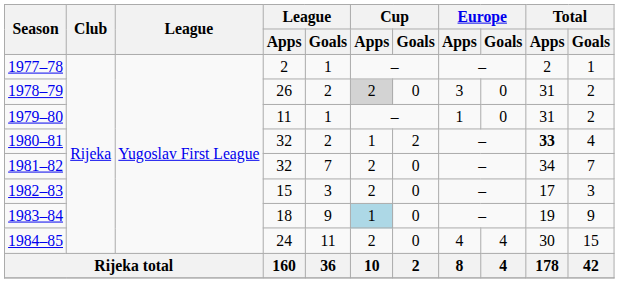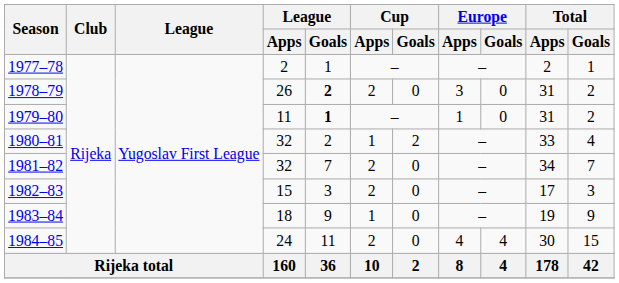 <table class="wikitable" style="font-size:100%; text-align: center">
 <tr>
 <th rowspan="2">Season</th>
 <th rowspan="2">Club</th>
 <th rowspan="2">League</th>
 <th colspan="2">League</th>
 <th colspan="2">Cup</th>
 <th colspan="2"><a href='#'>Europe</a></th>
 <th colspan="2">Total</th>
 </tr>
 <tr>
 <th>Apps</th>
 <th>Goals</th>
 <th>Apps</th>
 <th>Goals</th>
 <th>Apps</th>
 <th>Goals</th>
 <th>Apps</th>
 <th>Goals</th>
 </tr>
 <tr>
 <td><a href='#'>1977–78</a></td>
 <td rowspan="8" valign="center"><a href='#'>Rijeka</a></td>
 <td rowspan="8"><a href='#'>Yugoslav First League</a></td>
 <td>2</td>
 <td>1</td>
 <td colspan="2">–</td>
 <td colspan="2">–</td>
 <td>2</td>
 <td>1</td>
 </tr>
 <tr>
 <td><a href='#'>1978–79</a></td>
 <td>26</td>
+<td><strong>2</strong></td>
 <td>2</td>
-<td style="background: lightgrey;">2</td>
 <td>0</td>
 <td>3</td>
 <td>0</td>
 <td>31</td>
 <td>2</td>
 </tr>
 <tr>
 <td><a href='#'>1979–80</a></td>
 <td>11</td>
-<td>1</td>
+<td><strong>1</strong></td>
 <td colspan="2">–</td>
 <td>1</td>
 <td>0</td>
 <td>31</td>
 <td>2</td>
 </tr>
 <tr>
 <td><a href='#'>1980–81</a></td>
 <td>32</td>
 <td>2</td>
 <td>1</td>
 <td>2</td>
 <td colspan="2">–</td>
-<td><strong>33</strong></td>
+<td>33</td>
 <td>4</td>
 </tr>
 <tr>
 <td><a href='#'>1981–82</a></td>
 <td>32</td>
 <td>7</td>
 <td>2</td>
 <td>0</td>
 <td colspan="2">–</td>
 <td>34</td>
 <td>7</td>
 </tr>
 <tr>
 <td><a href='#'>1982–83</a></td>
 <td>15</td>
 <td>3</td>
 <td>2</td>
 <td>0</td>
 <td colspan="2">–</td>
 <td>17</td>
 <td>3</td>
 </tr>
 <tr>
 <td><a href='#'>1983–84</a></td>
 <td>18</td>
 <td>9</td>
-<td style="background: lightblue;">1</td>
+<td>1</td>
 <td>0</td>
 <td colspan="2">–</td>
 <td>19</td>
 <td>9</td>
 </tr>
 <tr>
 <td><a href='#'>1984–85</a></td>
 <td>24</td>
 <td>11</td>
 <td>2</td>
 <td>0</td>
 <td>4</td>
 <td>4</td>
 <td>30</td>
 <td>15</td>
 </tr>
 <tr>
 <th colspan=3>Rijeka total</th>
 <th>160</th>
 <th>36</th>
 <th>10</th>
 <th>2</th>
 <th>8</th>
 <th>4</th>
 <th>178</th>
 <th>42</th>
 </tr>
 <tr>
 </tr>
 </table>
